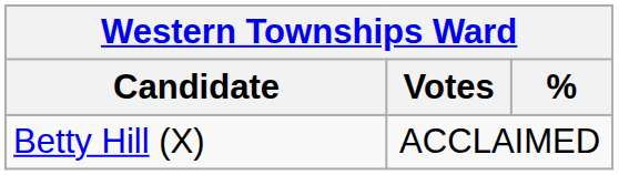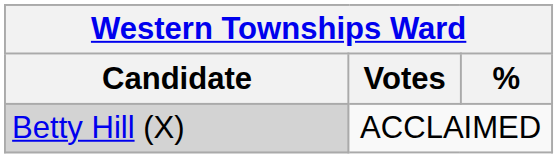 <table class="wikitable">
 <tr>
 <th colspan="3"><a href='#'>Western Townships Ward</a></th>
 </tr>
 <tr>
 <th style="width: 170px">Candidate</th>
 <th style="width: 50px">Votes</th>
 <th style="width: 40px">%</th>
 </tr>
 <tr>
-<td><a href='#'>Betty Hill</a> (X)</td>
+<td style="background: lightgrey;"><a href='#'>Betty Hill</a> (X)</td>
 <td colspan="2" align="center">ACCLAIMED</td>
 </tr>
 </table>
